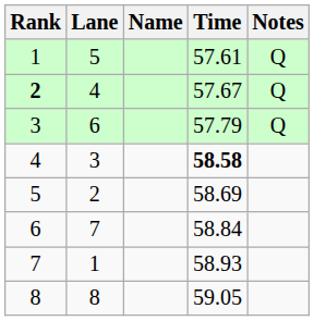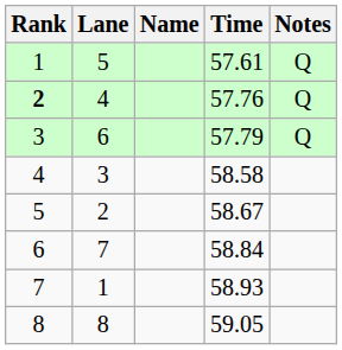 <table class="wikitable sortable" style="text-align:center">
 <tr>
 <th>Rank</th>
 <th>Lane</th>
 <th>Name</th>
 <th>Time</th>
 <th>Notes</th>
 </tr>
 <tr bgcolor=ccffcc>
 <td>1</td>
 <td>5</td>
 <td align=left></td>
 <td>57.61</td>
 <td>Q</td>
 </tr>
 <tr bgcolor=ccffcc>
 <td><strong>2</strong></td>
 <td>4</td>
 <td align=left></td>
-<td>57.67</td>
+<td>57.76</td>
 <td>Q</td>
 </tr>
 <tr bgcolor=ccffcc>
 <td>3</td>
 <td>6</td>
 <td align=left></td>
 <td>57.79</td>
 <td>Q</td>
 </tr>
 <tr>
 <td>4</td>
 <td>3</td>
 <td align=left></td>
-<td><strong>58.58</strong></td>
+<td>58.58</td>
 <td></td>
 </tr>
 <tr>
 <td>5</td>
 <td>2</td>
 <td align=left></td>
-<td>58.69</td>
+<td>58.67</td>
 <td></td>
 </tr>
 <tr>
 <td>6</td>
 <td>7</td>
 <td align=left></td>
 <td>58.84</td>
 <td></td>
 </tr>
 <tr>
 <td>7</td>
 <td>1</td>
 <td align=left></td>
 <td>58.93</td>
 <td></td>
 </tr>
 <tr>
 <td>8</td>
 <td>8</td>
 <td align=left></td>
 <td>59.05</td>
 <td></td>
 </tr>
 </table>
